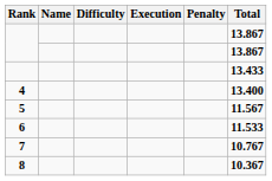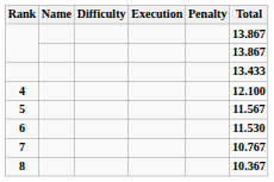 <table class="wikitable sortable" style="text-align:center">
 <tr>
 <th>Rank</th>
 <th>Name</th>
 <th>Difficulty</th>
 <th>Execution</th>
 <th>Penalty</th>
 <th>Total</th>
 </tr>
 <tr>
 <td rowspan="2"></td>
 <td align="left"></td>
 <td></td>
 <td></td>
 <td></td>
 <td><strong>13.867</strong></td>
 </tr>
 <tr>
 <td align="left"></td>
 <td></td>
 <td></td>
 <td></td>
 <td><strong>13.867 </strong></td>
 </tr>
 <tr>
 <td></td>
 <td align="left"></td>
 <td></td>
 <td></td>
 <td></td>
 <td><strong>13.433</strong></td>
 </tr>
 <tr>
 <td><strong>4</strong></td>
 <td align="left"></td>
 <td></td>
 <td></td>
 <td></td>
-<td><strong>13.400</strong></td>
+<td><strong>12.100</strong></td>
 </tr>
 <tr>
 <td><strong>5</strong></td>
 <td align="left"></td>
 <td></td>
 <td></td>
 <td></td>
 <td><strong>11.567</strong></td>
 </tr>
 <tr>
 <td><strong>6</strong></td>
 <td align="left"></td>
 <td></td>
 <td></td>
 <td></td>
-<td><strong>11.533</strong></td>
+<td><strong>11.530</strong></td>
 </tr>
 <tr>
 <td><strong>7</strong></td>
 <td align="left"></td>
 <td></td>
 <td></td>
 <td></td>
 <td><strong>10.767</strong></td>
 </tr>
 <tr>
 <td><strong>8</strong></td>
 <td align="left"></td>
 <td></td>
 <td></td>
 <td></td>
 <td><strong>10.367</strong></td>
 </tr>
 </table>
